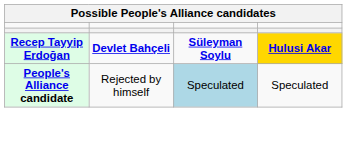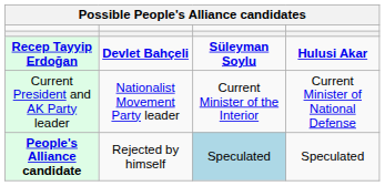 <table class="wikitable" style="margin:1em auto; font-size:90%; text-align:center;">
 <tr>
 <th colspan="4">Possible People's Alliance candidates</th>
 </tr>
 <tr>
 <td></td>
 <td></td>
 <td></td>
 <td></td>
 </tr>
 <tr>
 <th style="width:100px; font-size:100%; background:"></th>
 <th style="width:100px; font-size:100%; background:"></th>
 <th style="width:100px; font-size:100%; background:"></th>
 <th style="width:100px; font-size:100%; background:"></th>
 </tr>
 <tr>
 <td style="background:#DEFDE6;"><strong><a href='#'>Recep Tayyip Erdoğan</a></strong></td>
 <td><strong><a href='#'>Devlet Bahçeli</a></strong></td>
 <td><strong><a href='#'>Süleyman Soylu</a></strong></td>
-<td style="background: gold;"><strong><a href='#'>Hulusi Akar</a></strong></td>
+<td><strong><a href='#'>Hulusi Akar</a></strong></td>
+</tr>
+<tr>
+<td style="background:#DEFDE6;">Current <a href='#'>President</a> and <a href='#'>AK Party</a> leader</td>
+<td><a href='#'>Nationalist Movement Party</a> leader</td>
+<td>Current <a href='#'>Minister of the Interior</a></td>
+<td>Current <a href='#'>Minister of National Defense</a></td>
 </tr>
 <tr>
 <td style="background:#DEFDE6;"><strong><a href='#'>People's Alliance</a> candidate</strong></td>
 <td>Rejected by himself</td>
 <td style="background: lightblue;">Speculated</td>
 <td>Speculated</td>
 </tr>
 </table>
